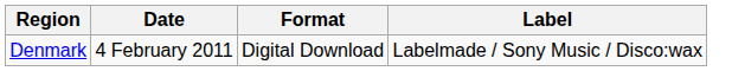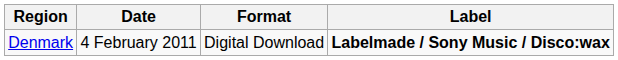 <table class="wikitable">
 <tr>
 <th>Region</th>
 <th>Date</th>
 <th>Format</th>
 <th>Label</th>
 </tr>
 <tr>
 <td><a href='#'>Denmark</a></td>
 <td>4 February 2011</td>
 <td>Digital Download</td>
-<td>Labelmade / Sony Music / Disco:wax</td>
+<td><strong>Labelmade / Sony Music / Disco:wax</strong></td>
 </tr>
 <tr>
 </tr>
 </table>
